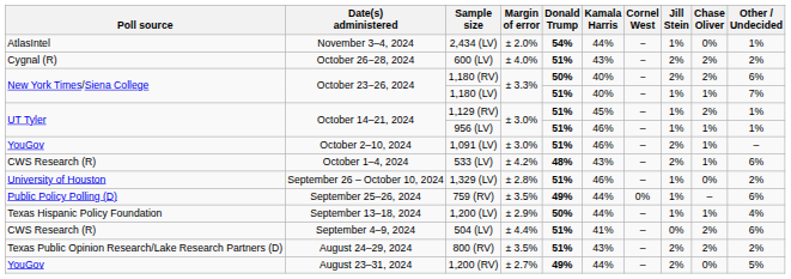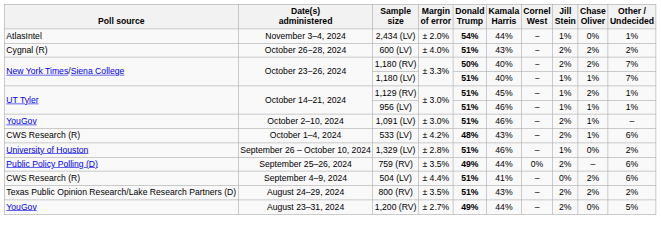 <table class="wikitable sortable mw-datatable" style="font-size:90%;text-align:center;line-height:17px">
 <tr style="vertical-align:bottom">
 <th>Poll source</th>
 <th>Date(s)<br>administered</th>
 <th>Sample<br>size</th>
 <th>Margin<br>of error</th>
 <th class="unsortable">Donald<br>Trump<br></th>
 <th class="unsortable">Kamala<br>Harris<br></th>
 <th class="unsortable">Cornel<br>West<br></th>
 <th class="unsortable">Jill<br>Stein<br></th>
 <th class="unsortable">Chase<br>Oliver<br></th>
 <th class="unsortable">Other /<br>Undecided</th>
 </tr>
 <tr>
 <td style="text-align:left;">AtlasIntel</td>
 <td data-sort-value="2024-11-04">November 3–4, 2024</td>
 <td>2,434 (LV)</td>
 <td>± 2.0%</td>
 <td style="background-color:"><strong>54%</strong></td>
 <td>44%</td>
 <td>−</td>
 <td>1%</td>
 <td>0%</td>
 <td>1%</td>
 </tr>
 <tr>
 <td style="text-align:left">Cygnal (R)</td>
 <td data-sort-value="2024-10-28">October 26−28, 2024</td>
 <td>600 (LV)</td>
 <td>± 4.0%</td>
 <td style="background-color:"><strong>51%</strong></td>
 <td>43%</td>
 <td>−</td>
 <td>2%</td>
 <td>2%</td>
 <td>2%</td>
 </tr>
 <tr>
 <td style="text-align:left;" rowspan="2"><a href='#'>New York Times</a>/<a href='#'>Siena College</a></td>
 <td rowspan="2">October 23−26, 2024</td>
 <td>1,180 (RV)</td>
 <td rowspan="2">± 3.3%</td>
 <td style="background-color:"><strong>50%</strong></td>
 <td>40%</td>
 <td>−</td>
 <td>2%</td>
 <td>2%</td>
-<td>6%</td>
+<td>7%</td>
 </tr>
 <tr>
 <td>1,180 (LV)</td>
 <td style="background-color:"><strong>51%</strong></td>
 <td>40%</td>
 <td>−</td>
 <td>1%</td>
 <td>1%</td>
 <td>7%</td>
 </tr>
 <tr>
 <td style="text-align:left;" rowspan="2"><a href='#'>UT Tyler</a></td>
 <td rowspan="2">October 14–21, 2024</td>
 <td>1,129 (RV)</td>
 <td rowspan="2">± 3.0%</td>
 <td style="background-color:"><strong>51%</strong></td>
 <td>45%</td>
 <td>–</td>
 <td>1%</td>
 <td>2%</td>
 <td>1%</td>
 </tr>
 <tr>
 <td>956 (LV)</td>
 <td style="background-color:"><strong>51%</strong></td>
 <td>46%</td>
 <td>–</td>
 <td>1%</td>
 <td>1%</td>
 <td>1%</td>
 </tr>
 <tr>
 <td style="text-align:left;"><a href='#'>YouGov</a></td>
 <td data-sort-value="2024-10-10">October 2–10, 2024</td>
 <td>1,091 (LV)</td>
 <td>± 3.0%</td>
 <td style="background-color:"><strong>51%</strong></td>
 <td>46%</td>
 <td>–</td>
 <td>2%</td>
 <td>1%</td>
 <td>–</td>
 </tr>
 <tr>
 <td style="text-align:left;">CWS Research (R)</td>
 <td data-sort-value="2024-10-14">October 1–4, 2024</td>
 <td>533 (LV)</td>
 <td>± 4.2%</td>
 <td style="background-color:"><strong>48%</strong></td>
 <td>43%</td>
 <td>–</td>
 <td>2%</td>
 <td>1%</td>
 <td>6%</td>
 </tr>
 <tr>
 <td style="text-align:left;"><a href='#'>University of Houston</a></td>
 <td data-sort-value="2024-10-10">September 26 – October 10, 2024</td>
 <td>1,329 (LV)</td>
 <td>± 2.8%</td>
 <td style="background-color:"><strong>51%</strong></td>
 <td>46%</td>
 <td>–</td>
 <td>1%</td>
 <td>0%</td>
 <td>2%</td>
 </tr>
 <tr>
 <td style="text-align:left;"><a href='#'>Public Policy Polling (D)</a></td>
 <td data-sort-value="2024-09-25">September 25–26, 2024</td>
 <td>759 (RV)</td>
 <td>± 3.5%</td>
 <td style="background-color:"><strong>49%</strong></td>
 <td>44%</td>
 <td>0%</td>
-<td>1%</td>
+<td>2%</td>
 <td>–</td>
 <td>6%</td>
-</tr>
-<tr>
-<td style="text-align:left;">Texas Hispanic Policy Foundation</td>
-<td data-sort-value="2024-09-18">September 13–18, 2024</td>
-<td>1,200 (LV)</td>
-<td>± 2.9%</td>
-<td style="background-color:"><strong>50%</strong></td>
-<td>44%</td>
-<td>–</td>
-<td>1%</td>
-<td>1%</td>
-<td>4%</td>
 </tr>
 <tr>
 <td style="text-align:left;">CWS Research (R)</td>
 <td data-sort-value="2024-09-09">September 4–9, 2024</td>
 <td>504 (LV)</td>
 <td>± 4.4%</td>
 <td style="background-color:"><strong>51%</strong></td>
 <td>41%</td>
 <td>–</td>
 <td>0%</td>
 <td>2%</td>
 <td>6%</td>
 </tr>
 <tr>
 <td style="text-align:left;">Texas Public Opinion Research/Lake Research Partners (D)</td>
 <td data-sort-value="2024-08-29">August 24–29, 2024</td>
 <td>800 (RV)</td>
 <td>± 3.5%</td>
 <td style="background-color:"><strong>51%</strong></td>
 <td>43%</td>
 <td>–</td>
 <td>2%</td>
 <td>2%</td>
 <td>2%</td>
 </tr>
 <tr>
 <td style="text-align:left;"><a href='#'>YouGov</a></td>
 <td data-sort-value="2024-08-31">August 23–31, 2024</td>
 <td>1,200 (RV)</td>
 <td>± 2.7%</td>
 <td style="background-color:"><strong>49%</strong></td>
 <td>44%</td>
 <td>–</td>
 <td>2%</td>
 <td>0%</td>
 <td>5%</td>
 </tr>
 </table>
